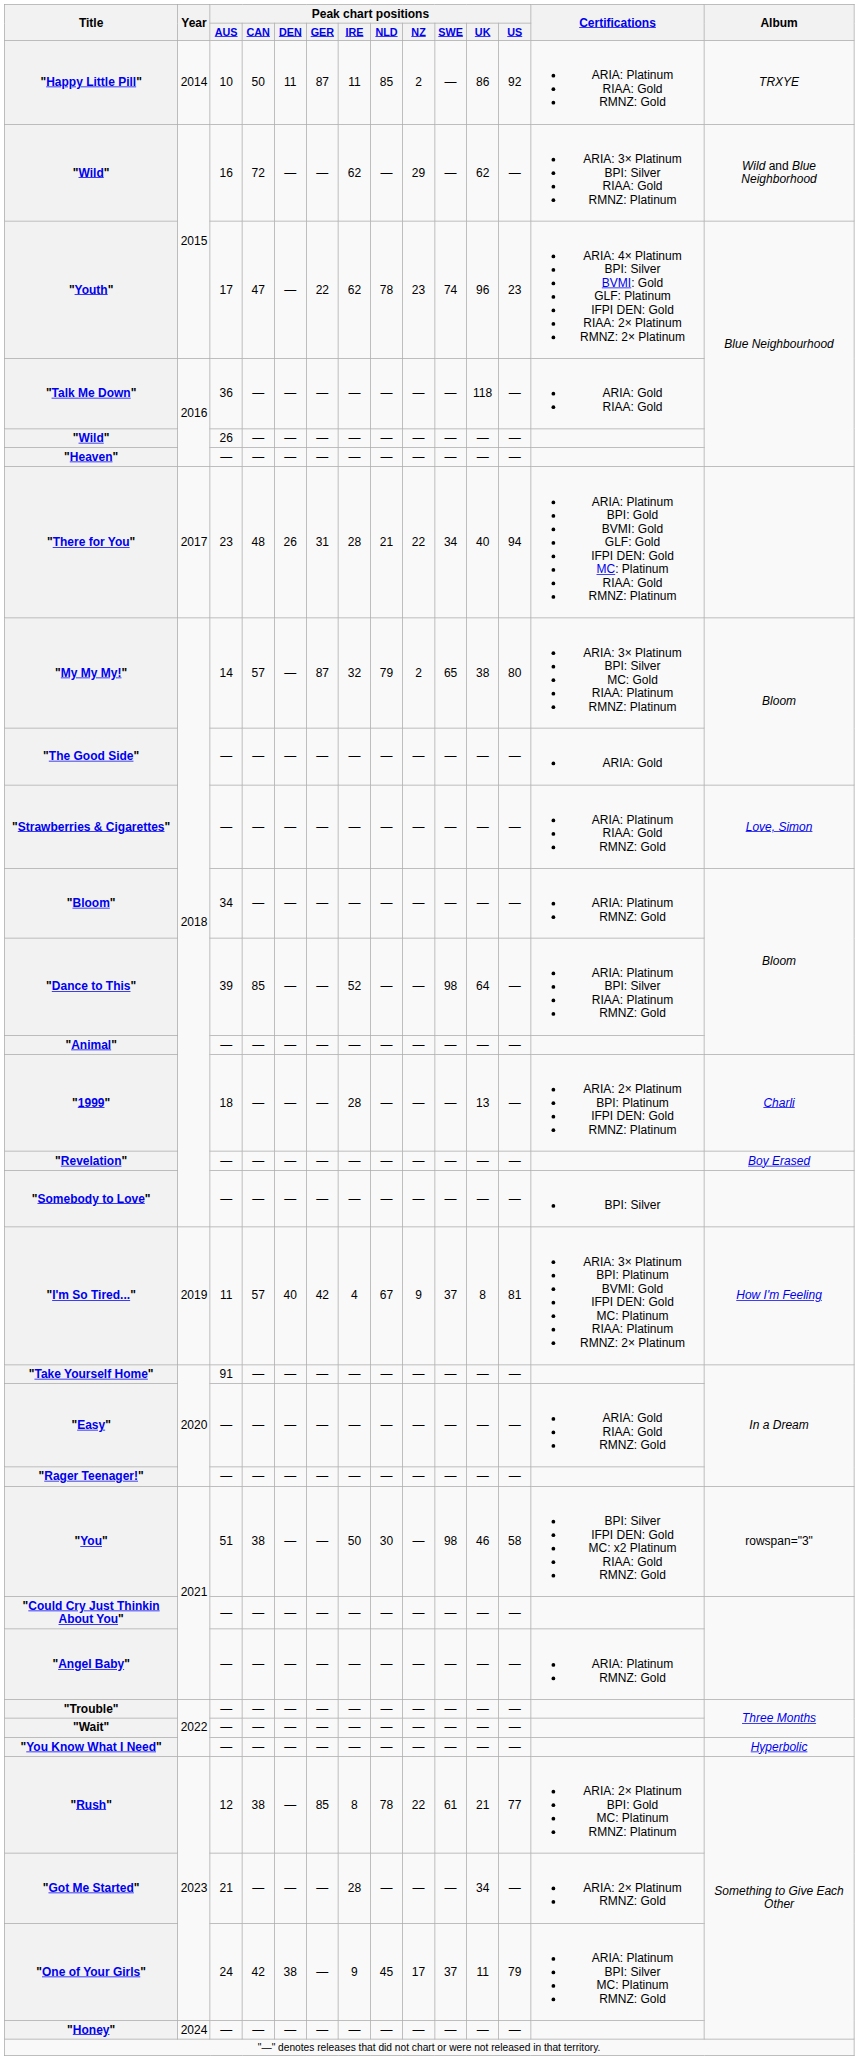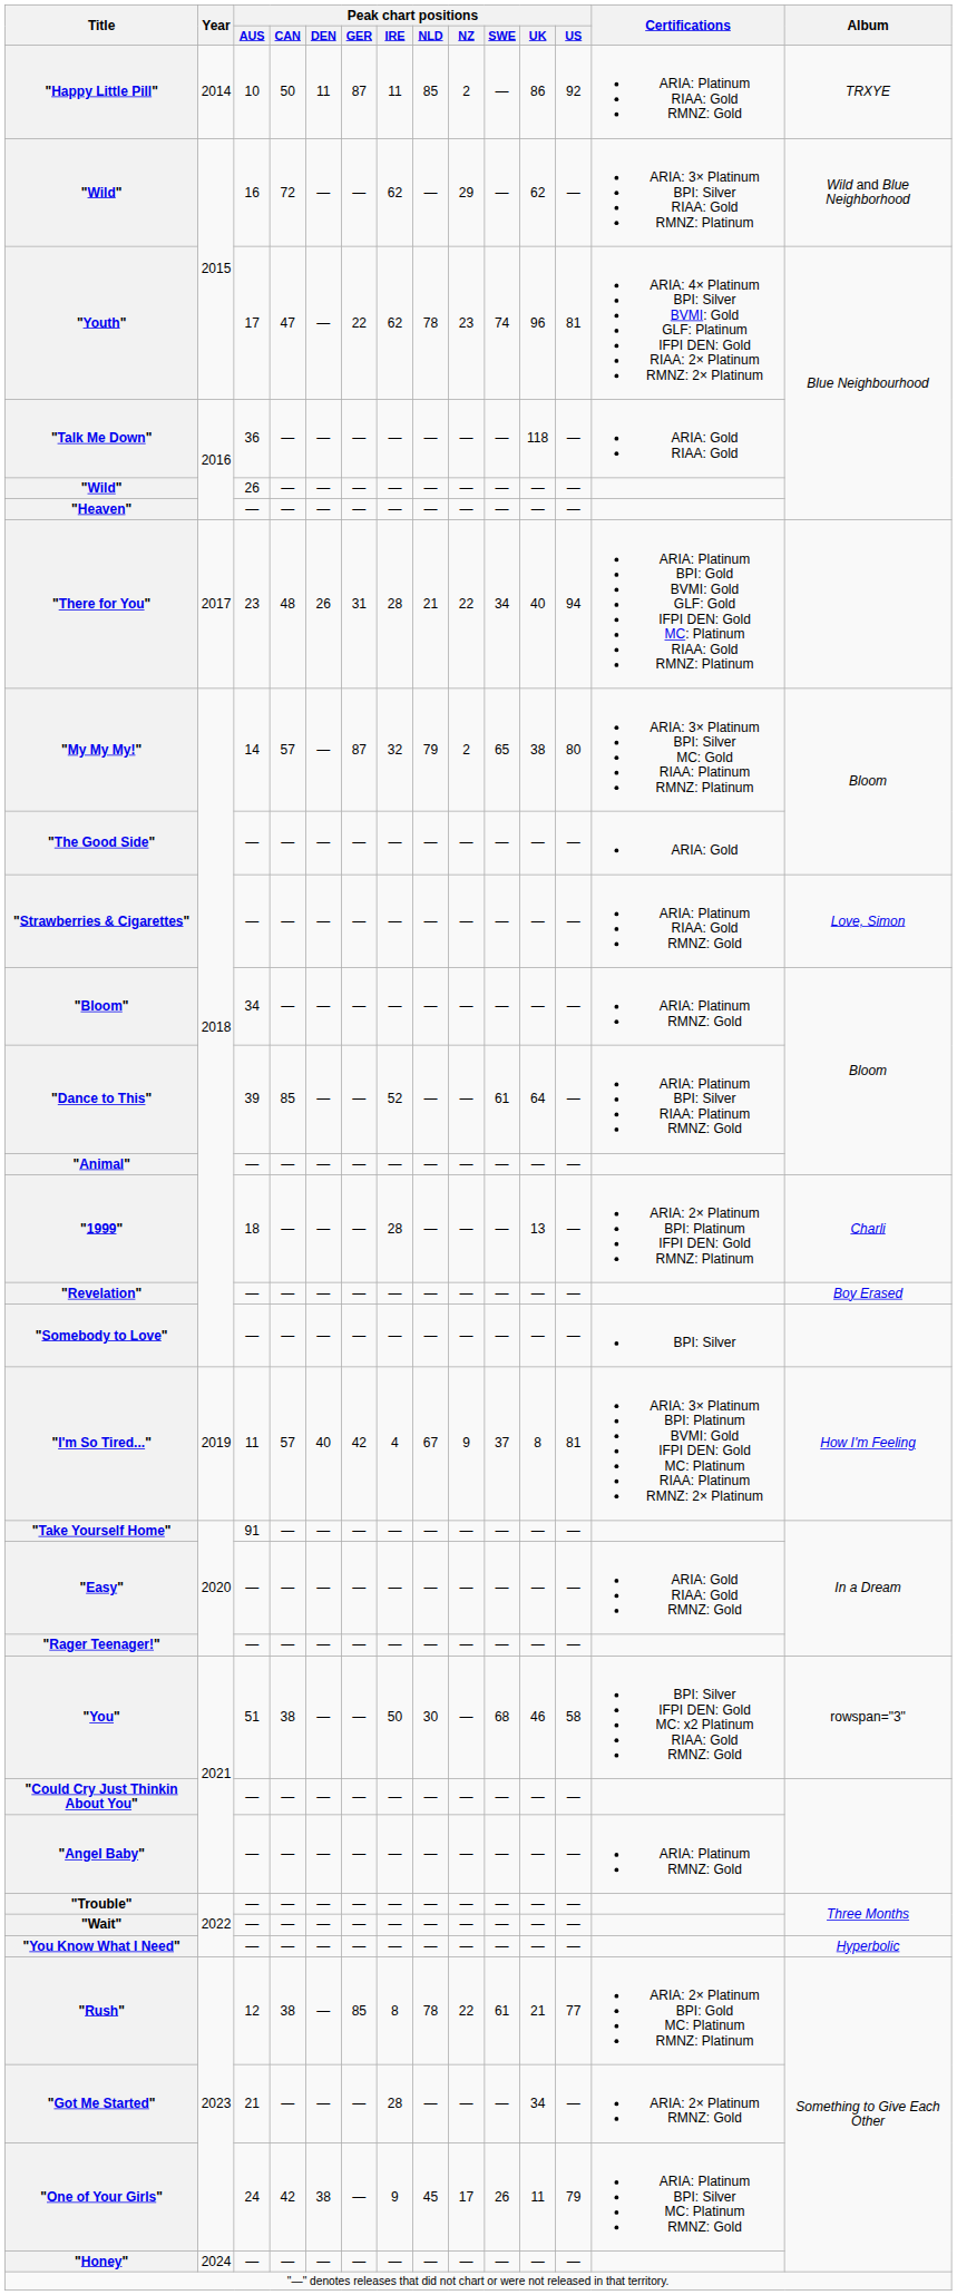 <table class="wikitable plainrowheaders" style="text-align:center;">
 <tr>
 <th scope="col" rowspan="2" style="width:14em;">Title</th>
 <th scope="col" rowspan="2" style="width:1em;">Year</th>
 <th scope="col" colspan="10">Peak chart positions</th>
 <th scope="col" rowspan="2" style="width:14em;"><a href='#'>Certifications</a></th>
 <th scope="col" rowspan="2" style="width:12em;">Album</th>
 </tr>
 <tr>
 <th scope="col" style="width:2.5em;font-size:90%;"><a href='#'>AUS</a><br></th>
 <th scope="col" style="width:2.5em;font-size:90%;"><a href='#'>CAN</a><br></th>
 <th scope="col" style="width:2.5em;font-size:90%;"><a href='#'>DEN</a><br></th>
 <th scope="col" style="width:2.5em;font-size:90%;"><a href='#'>GER</a><br></th>
 <th scope="col" style="width:2.5em;font-size:90%;"><a href='#'>IRE</a><br></th>
 <th scope="col" style="width:2.5em;font-size:90%;"><a href='#'>NLD</a><br></th>
 <th scope="col" style="width:2.5em;font-size:90%;"><a href='#'>NZ</a><br></th>
 <th scope="col" style="width:2.5em;font-size:90%;"><a href='#'>SWE</a><br></th>
 <th scope="col" style="width:2.5em;font-size:90%;"><a href='#'>UK</a><br></th>
 <th scope="col" style="width:2.5em;font-size:90%;"><a href='#'>US</a><br></th>
 </tr>
 <tr>
 <th scope="row">"<a href='#'>Happy Little Pill</a>"</th>
 <td>2014</td>
 <td>10</td>
 <td>50</td>
 <td>11</td>
 <td>87</td>
 <td>11</td>
 <td>85</td>
 <td>2</td>
 <td>—</td>
 <td>86</td>
 <td>92</td>
 <td><br><ul><li>ARIA: Platinum</li><li>RIAA: Gold</li><li>RMNZ: Gold</li></ul></td>
 <td><em>TRXYE</em></td>
 </tr>
 <tr>
 <th scope="row">"<a href='#'>Wild</a>"<br><span></span></th>
 <td rowspan="2">2015</td>
 <td>16</td>
 <td>72</td>
 <td>—</td>
 <td>—</td>
 <td>62</td>
 <td>—</td>
 <td>29</td>
 <td>—</td>
 <td>62</td>
 <td>—</td>
 <td><br><ul><li>ARIA: 3× Platinum</li><li>BPI: Silver</li><li>RIAA: Gold</li><li>RMNZ: Platinum</li></ul></td>
 <td><em>Wild</em> and <em>Blue Neighborhood</em></td>
 </tr>
 <tr>
 <th scope="row">"<a href='#'>Youth</a>"</th>
 <td>17</td>
 <td>47</td>
 <td>—</td>
 <td>22</td>
 <td>62</td>
 <td>78</td>
 <td>23</td>
 <td>74</td>
 <td>96</td>
-<td>23</td>
+<td>81</td>
 <td><br><ul><li>ARIA: 4× Platinum</li><li>BPI: Silver</li><li><a href='#'>BVMI</a>: Gold</li><li>GLF: Platinum</li><li>IFPI DEN: Gold</li><li>RIAA: 2× Platinum</li><li>RMNZ: 2× Platinum</li></ul></td>
 <td rowspan="4"><em>Blue Neighbourhood</em></td>
 </tr>
 <tr>
 <th scope="row">"<a href='#'>Talk Me Down</a>"</th>
 <td rowspan="3">2016</td>
 <td>36</td>
 <td>—</td>
 <td>—</td>
 <td>—</td>
 <td>—</td>
 <td>—</td>
 <td>—</td>
 <td>—</td>
 <td>118</td>
 <td>—</td>
 <td><br><ul><li>ARIA: Gold</li><li>RIAA: Gold</li></ul></td>
 </tr>
 <tr>
 <th scope="row">"<a href='#'>Wild</a>"<br></th>
 <td>26</td>
 <td>—</td>
 <td>—</td>
 <td>—</td>
 <td>—</td>
 <td>—</td>
 <td>—</td>
 <td>—</td>
 <td>—</td>
 <td>—</td>
 <td></td>
 </tr>
 <tr>
 <th scope="row">"<a href='#'>Heaven</a>"<br></th>
 <td>—</td>
 <td>—</td>
 <td>—</td>
 <td>—</td>
 <td>—</td>
 <td>—</td>
 <td>—</td>
 <td>—</td>
 <td>—</td>
 <td>—</td>
 <td></td>
 </tr>
 <tr>
 <th scope="row">"<a href='#'>There for You</a>" <br></th>
 <td>2017</td>
 <td>23</td>
 <td>48</td>
 <td>26</td>
 <td>31</td>
 <td>28</td>
 <td>21</td>
 <td>22</td>
 <td>34</td>
 <td>40</td>
 <td>94</td>
 <td><br><ul><li>ARIA: Platinum</li><li>BPI: Gold</li><li>BVMI: Gold</li><li>GLF: Gold</li><li>IFPI DEN: Gold</li><li><a href='#'>MC</a>: Platinum</li><li>RIAA: Gold</li><li>RMNZ: Platinum</li></ul></td>
 <td></td>
 </tr>
 <tr>
 <th scope="row">"<a href='#'>My My My!</a>"</th>
 <td rowspan="9">2018</td>
 <td>14</td>
 <td>57</td>
 <td>—</td>
 <td>87</td>
 <td>32</td>
 <td>79</td>
 <td>2</td>
 <td>65</td>
 <td>38</td>
 <td>80</td>
 <td><br><ul><li>ARIA: 3× Platinum</li><li>BPI: Silver</li><li>MC: Gold</li><li>RIAA: Platinum</li><li>RMNZ: Platinum</li></ul></td>
 <td rowspan="2"><em>Bloom</em></td>
 </tr>
 <tr>
 <th scope="row">"<a href='#'>The Good Side</a>"</th>
 <td>—</td>
 <td>—</td>
 <td>—</td>
 <td>—</td>
 <td>—</td>
 <td>—</td>
 <td>—</td>
 <td>—</td>
 <td>—</td>
 <td>—</td>
 <td><br><ul><li>ARIA: Gold</li></ul></td>
 </tr>
 <tr>
 <th scope="row">"<a href='#'>Strawberries & Cigarettes</a>"</th>
 <td>—</td>
 <td>—</td>
 <td>—</td>
 <td>—</td>
 <td>—</td>
 <td>—</td>
 <td>—</td>
 <td>—</td>
 <td>—</td>
 <td>—</td>
 <td><br><ul><li>ARIA: Platinum</li><li>RIAA: Gold</li><li>RMNZ: Gold</li></ul></td>
 <td><em><a href='#'>Love, Simon</a></em></td>
 </tr>
 <tr>
 <th scope="row">"<a href='#'>Bloom</a>"</th>
 <td>34</td>
 <td>—</td>
 <td>—</td>
 <td>—</td>
 <td>—</td>
 <td>—</td>
 <td>—</td>
 <td>—</td>
 <td>—</td>
 <td>—</td>
 <td><br><ul><li>ARIA: Platinum</li><li>RMNZ: Gold</li></ul></td>
 <td rowspan="3"><em>Bloom</em></td>
 </tr>
 <tr>
 <th scope="row">"<a href='#'>Dance to This</a>"<br></th>
 <td>39</td>
 <td>85</td>
 <td>—</td>
 <td>—</td>
 <td>52</td>
 <td>—</td>
 <td>—</td>
-<td>98</td>
+<td>61</td>
 <td>64</td>
 <td>—</td>
 <td><br><ul><li>ARIA: Platinum</li><li>BPI: Silver</li><li>RIAA: Platinum</li><li>RMNZ: Gold</li></ul></td>
 </tr>
 <tr>
 <th scope="row">"<a href='#'>Animal</a>"</th>
 <td>—</td>
 <td>—</td>
 <td>—</td>
 <td>—</td>
 <td>—</td>
 <td>—</td>
 <td>—</td>
 <td>—</td>
 <td>—</td>
 <td>—</td>
 <td></td>
 </tr>
 <tr>
 <th scope="row">"<a href='#'>1999</a>"<br></th>
 <td>18</td>
 <td>—</td>
 <td>—</td>
 <td>—</td>
 <td>28</td>
 <td>—</td>
 <td>—</td>
 <td>—</td>
 <td>13</td>
 <td>—</td>
 <td><br><ul><li>ARIA: 2× Platinum</li><li>BPI: Platinum</li><li>IFPI DEN: Gold</li><li>RMNZ: Platinum</li></ul></td>
 <td><em><a href='#'>Charli</a></em></td>
 </tr>
 <tr>
 <th scope="row">"<a href='#'>Revelation</a>"<br></th>
 <td>—</td>
 <td>—</td>
 <td>—</td>
 <td>—</td>
 <td>—</td>
 <td>—</td>
 <td>—</td>
 <td>—</td>
 <td>—</td>
 <td>—</td>
 <td></td>
 <td><em><a href='#'>Boy Erased</a></em></td>
 </tr>
 <tr>
 <th scope="row">"<a href='#'>Somebody to Love</a>"</th>
 <td>—</td>
 <td>—</td>
 <td>—</td>
 <td>—</td>
 <td>—</td>
 <td>—</td>
 <td>—</td>
 <td>—</td>
 <td>—</td>
 <td>—</td>
 <td><br><ul><li>BPI: Silver</li></ul></td>
 <td></td>
 </tr>
 <tr>
 <th scope="row">"<a href='#'>I'm So Tired...</a>"<br></th>
 <td>2019</td>
 <td>11</td>
 <td>57</td>
 <td>40</td>
 <td>42</td>
 <td>4</td>
 <td>67</td>
 <td>9</td>
 <td>37</td>
 <td>8</td>
 <td>81</td>
 <td><br><ul><li>ARIA: 3× Platinum</li><li>BPI: Platinum</li><li>BVMI: Gold</li><li>IFPI DEN: Gold</li><li>MC: Platinum</li><li>RIAA: Platinum</li><li>RMNZ: 2× Platinum</li></ul></td>
 <td><em><a href='#'>How I'm Feeling</a></em></td>
 </tr>
 <tr>
 <th scope="row">"<a href='#'>Take Yourself Home</a>"</th>
 <td rowspan="3">2020</td>
 <td>91</td>
 <td>—</td>
 <td>—</td>
 <td>—</td>
 <td>—</td>
 <td>—</td>
 <td>—</td>
 <td>—</td>
 <td>—</td>
 <td>—</td>
 <td></td>
 <td rowspan="3"><em>In a Dream</em></td>
 </tr>
 <tr>
 <th scope="row">"<a href='#'>Easy</a>"<br></th>
 <td>—</td>
 <td>—</td>
 <td>—</td>
 <td>—</td>
 <td>—</td>
 <td>—</td>
 <td>—</td>
 <td>—</td>
 <td>—</td>
 <td>—</td>
 <td><br><ul><li>ARIA: Gold</li><li>RIAA: Gold</li><li>RMNZ: Gold</li></ul></td>
 </tr>
 <tr>
 <th scope="row">"<a href='#'>Rager Teenager!</a>"</th>
 <td>—</td>
 <td>—</td>
 <td>—</td>
 <td>—</td>
 <td>—</td>
 <td>—</td>
 <td>—</td>
 <td>—</td>
 <td>—</td>
 <td>—</td>
 <td></td>
 </tr>
 <tr>
 <th scope="row">"<a href='#'>You</a>"<br></th>
 <td rowspan="3">2021</td>
 <td>51</td>
 <td>38</td>
 <td>—</td>
 <td>—</td>
 <td>50</td>
 <td>30</td>
 <td>—</td>
-<td>98</td>
+<td>68</td>
 <td>46</td>
 <td>58</td>
 <td><br><ul><li>BPI: Silver</li><li>IFPI DEN: Gold</li><li>MC: x2 Platinum</li><li>RIAA: Gold</li><li>RMNZ: Gold</li></ul></td>
 <td>rowspan="3" </td>
 </tr>
 <tr>
 <th scope="row">"<a href='#'>Could Cry Just Thinkin About You</a>"</th>
 <td>—</td>
 <td>—</td>
 <td>—</td>
 <td>—</td>
 <td>—</td>
 <td>—</td>
 <td>—</td>
 <td>—</td>
 <td>—</td>
 <td>—</td>
 <td></td>
 </tr>
 <tr>
 <th scope="row">"<a href='#'>Angel Baby</a>"</th>
 <td>—</td>
 <td>—</td>
 <td>—</td>
 <td>—</td>
 <td>—</td>
 <td>—</td>
 <td>—</td>
 <td>—</td>
 <td>—</td>
 <td>—</td>
 <td><br><ul><li>ARIA: Platinum</li><li>RMNZ: Gold</li></ul></td>
 </tr>
 <tr>
 <th scope="row">"Trouble"<br></th>
 <td rowspan=3>2022</td>
 <td>—</td>
 <td>—</td>
 <td>—</td>
 <td>—</td>
 <td>—</td>
 <td>—</td>
 <td>—</td>
 <td>—</td>
 <td>—</td>
 <td>—</td>
 <td></td>
 <td rowspan=2><em><a href='#'>Three Months</a></em></td>
 </tr>
 <tr>
 <th scope="row">"Wait"<br></th>
 <td>—</td>
 <td>—</td>
 <td>—</td>
 <td>—</td>
 <td>—</td>
 <td>—</td>
 <td>—</td>
 <td>—</td>
 <td>—</td>
 <td>—</td>
 <td></td>
 </tr>
 <tr>
 <th scope="row">"<a href='#'>You Know What I Need</a>"<br></th>
 <td>—</td>
 <td>—</td>
 <td>—</td>
 <td>—</td>
 <td>—</td>
 <td>—</td>
 <td>—</td>
 <td>—</td>
 <td>—</td>
 <td>—</td>
 <td></td>
 <td><em><a href='#'>Hyperbolic</a></em></td>
 </tr>
 <tr>
 <th scope="row">"<a href='#'>Rush</a>"</th>
 <td rowspan="3">2023</td>
 <td>12</td>
 <td>38</td>
 <td>—</td>
 <td>85</td>
 <td>8</td>
 <td>78</td>
 <td>22</td>
 <td>61</td>
 <td>21</td>
 <td>77</td>
 <td><br><ul><li>ARIA: 2× Platinum</li><li>BPI: Gold</li><li>MC: Platinum</li><li>RMNZ: Platinum</li></ul></td>
 <td rowspan="4"><em>Something to Give Each Other</em></td>
 </tr>
 <tr>
 <th scope="row">"<a href='#'>Got Me Started</a>"</th>
 <td>21</td>
 <td>—</td>
 <td>—</td>
 <td>—</td>
 <td>28</td>
 <td>—</td>
 <td>—</td>
 <td>—</td>
 <td>34</td>
 <td>—</td>
 <td><br><ul><li>ARIA: 2× Platinum</li><li>RMNZ: Gold</li></ul></td>
 </tr>
 <tr>
 <th scope="row">"<a href='#'>One of Your Girls</a>"</th>
 <td>24</td>
 <td>42</td>
 <td>38</td>
 <td>—</td>
 <td>9</td>
 <td>45</td>
 <td>17</td>
-<td>37</td>
+<td>26</td>
 <td>11</td>
 <td>79</td>
 <td><br><ul><li>ARIA: Platinum</li><li>BPI: Silver</li><li>MC: Platinum</li><li>RMNZ: Gold</li></ul></td>
 </tr>
 <tr>
 <th scope="row">"<a href='#'>Honey</a>"</th>
 <td>2024</td>
 <td>—</td>
 <td>—</td>
 <td>—</td>
 <td>—</td>
 <td>—</td>
 <td>—</td>
 <td>—</td>
 <td>—</td>
 <td>—</td>
 <td>—</td>
 <td></td>
 </tr>
 <tr>
 <td colspan="15" style="font-size:85%">"—" denotes releases that did not chart or were not released in that territory.</td>
 </tr>
 </table>
